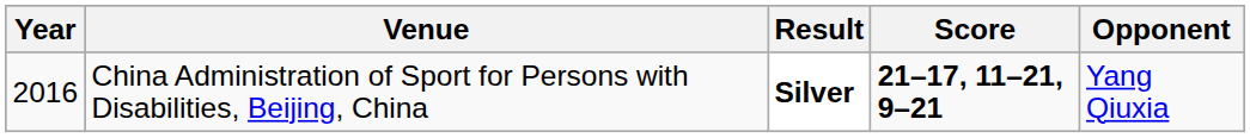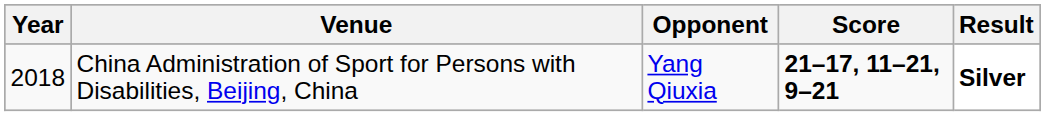 <table class="sortable wikitable" style="font-size: 90%;">
 <tr>
 <th>Year</th>
 <th>Venue</th>
+<th>Opponent</th>
+<th>Score</th>
 <th>Result</th>
-<th>Score</th>
-<th>Opponent</th>
 </tr>
 <tr style="background:#ECF2F">
-<td align="center">2016</td>
+<td align="center">2018</td>
 <td align="left">China Administration of Sport for Persons with Disabilities, <a href='#'>Beijing</a>, China</td>
+<td align="left"> <a href='#'>Yang Qiuxia</a></td>
+<td align="left"><strong>21–17, 11–21, 9–21</strong></td>
 <td style="text-align:left; background:white"> <strong>Silver</strong></td>
-<td align="left"><strong>21–17, 11–21, 9–21</strong></td>
-<td align="left"> <a href='#'>Yang Qiuxia</a></td>
 </tr>
 </table>
